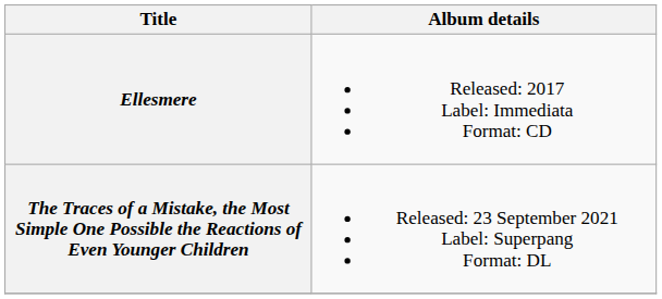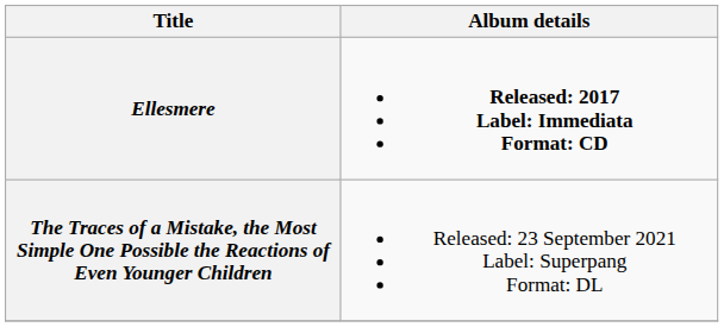 <table class="wikitable plainrowheaders" style="text-align:center;">
 <tr>
 <th scope="col" style="width:16em;">Title</th>
 <th scope="col" style="width:18em;">Album details</th>
 </tr>
 <tr>
 <th scope="row"><em>Ellesmere</em></th>
-<td><br><ul><li>Released: 2017</li><li>Label: Immediata </li><li>Format: CD</li></ul></td>
+<td><strong><br><ul><li>Released: 2017</li><li>Label: Immediata </li><li>Format: CD</li></ul></strong></td>
 </tr>
 <tr>
 <th scope="row"><em>The Traces of a Mistake, the Most Simple One Possible the Reactions of Even Younger Children</em></th>
 <td><br><ul><li>Released: 23 September 2021</li><li>Label: Superpang </li><li>Format: DL</li></ul></td>
 </tr>
 <tr>
 </tr>
 </table>
